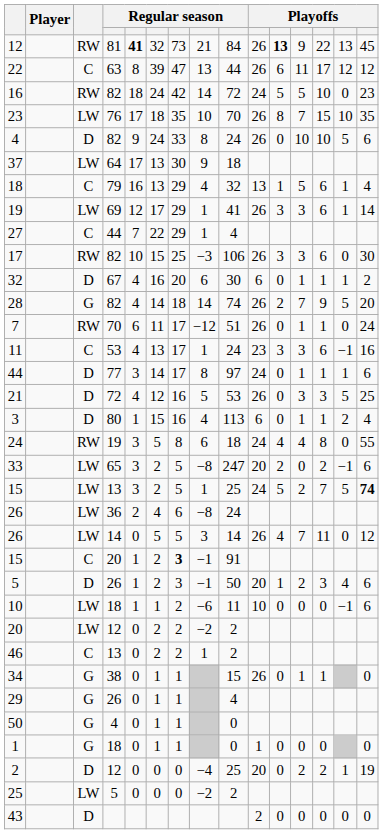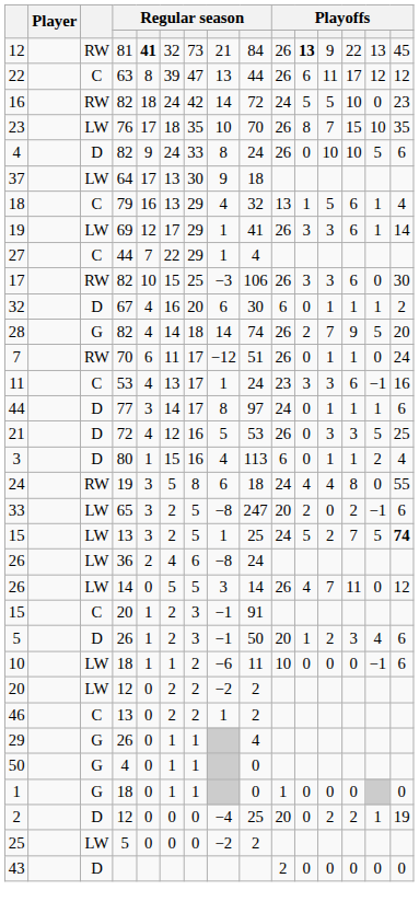 <table class="wikitable sortable plainrowheaders" style="text-align:center;">
 <tr>
 <th scope="col" data-sort-type="number" rowspan="2"></th>
 <th scope="col" rowspan="2">Player</th>
 <th scope="col" rowspan="2"></th>
 <th scope=colgroup colspan=6>Regular season</th>
 <th scope=colgroup colspan=6>Playoffs</th>
 </tr>
 <tr>
 <th scope="col" data-sort-type="number"></th>
 <th scope="col" data-sort-type="number"></th>
 <th scope="col" data-sort-type="number"></th>
 <th scope="col" data-sort-type="number"></th>
 <th scope="col" data-sort-type="number"></th>
 <th scope="col" data-sort-type="number"></th>
 <th scope="col" data-sort-type="number"></th>
 <th scope="col" data-sort-type="number"></th>
 <th scope="col" data-sort-type="number"></th>
 <th scope="col" data-sort-type="number"></th>
 <th scope="col" data-sort-type="number"></th>
 <th scope="col" data-sort-type="number"></th>
 </tr>
 <tr>
 <td scope="row">12</td>
 <td align="left"></td>
 <td>RW</td>
 <td>81</td>
 <td><strong>41</strong></td>
 <td>32</td>
 <td>73</td>
 <td>21</td>
 <td>84</td>
 <td>26</td>
 <td><strong>13</strong></td>
 <td>9</td>
 <td>22</td>
 <td>13</td>
 <td>45</td>
 </tr>
 <tr>
 <td scope="row">22</td>
 <td align="left"></td>
 <td>C</td>
 <td>63</td>
 <td>8</td>
 <td>39</td>
 <td>47</td>
 <td>13</td>
 <td>44</td>
 <td>26</td>
 <td>6</td>
 <td>11</td>
 <td>17</td>
 <td>12</td>
 <td>12</td>
 </tr>
 <tr>
 <td scope="row">16</td>
 <td align="left"></td>
 <td>RW</td>
 <td>82</td>
 <td>18</td>
 <td>24</td>
 <td>42</td>
 <td>14</td>
 <td>72</td>
 <td>24</td>
 <td>5</td>
 <td>5</td>
 <td>10</td>
 <td>0</td>
 <td>23</td>
 </tr>
 <tr>
 <td scope="row">23</td>
 <td align="left"></td>
 <td>LW</td>
 <td>76</td>
 <td>17</td>
 <td>18</td>
 <td>35</td>
 <td>10</td>
 <td>70</td>
 <td>26</td>
 <td>8</td>
 <td>7</td>
 <td>15</td>
 <td>10</td>
 <td>35</td>
 </tr>
 <tr>
 <td scope="row">4</td>
 <td align="left"></td>
 <td>D</td>
 <td>82</td>
 <td>9</td>
 <td>24</td>
 <td>33</td>
 <td>8</td>
 <td>24</td>
 <td>26</td>
 <td>0</td>
 <td>10</td>
 <td>10</td>
 <td>5</td>
 <td>6</td>
 </tr>
 <tr>
 <td scope="row">37</td>
 <td align="left"></td>
 <td>LW</td>
 <td>64</td>
 <td>17</td>
 <td>13</td>
 <td>30</td>
 <td>9</td>
 <td>18</td>
 <td></td>
 <td></td>
 <td></td>
 <td></td>
 <td></td>
 <td></td>
 </tr>
 <tr>
 <td scope="row">18</td>
 <td align="left"></td>
 <td>C</td>
 <td>79</td>
 <td>16</td>
 <td>13</td>
 <td>29</td>
 <td>4</td>
 <td>32</td>
 <td>13</td>
 <td>1</td>
 <td>5</td>
 <td>6</td>
 <td>1</td>
 <td>4</td>
 </tr>
 <tr>
 <td scope="row">19</td>
 <td align="left"></td>
 <td>LW</td>
 <td>69</td>
 <td>12</td>
 <td>17</td>
 <td>29</td>
 <td>1</td>
 <td>41</td>
 <td>26</td>
 <td>3</td>
 <td>3</td>
 <td>6</td>
 <td>1</td>
 <td>14</td>
 </tr>
 <tr>
 <td scope="row">27</td>
 <td align="left"></td>
 <td>C</td>
 <td>44</td>
 <td>7</td>
 <td>22</td>
 <td>29</td>
 <td>1</td>
 <td>4</td>
 <td></td>
 <td></td>
 <td></td>
 <td></td>
 <td></td>
 <td></td>
 </tr>
 <tr>
 <td scope="row">17</td>
 <td align="left"></td>
 <td>RW</td>
 <td>82</td>
 <td>10</td>
 <td>15</td>
 <td>25</td>
 <td>−3</td>
 <td>106</td>
 <td>26</td>
 <td>3</td>
 <td>3</td>
 <td>6</td>
 <td>0</td>
 <td>30</td>
 </tr>
 <tr>
 <td scope="row">32</td>
 <td align="left"></td>
 <td>D</td>
 <td>67</td>
 <td>4</td>
 <td>16</td>
 <td>20</td>
 <td>6</td>
 <td>30</td>
 <td>6</td>
 <td>0</td>
 <td>1</td>
 <td>1</td>
 <td>1</td>
 <td>2</td>
 </tr>
 <tr>
 <td scope="row">28</td>
 <td align="left"></td>
 <td>G</td>
 <td>82</td>
 <td>4</td>
 <td>14</td>
 <td>18</td>
 <td>14</td>
 <td>74</td>
 <td>26</td>
 <td>2</td>
 <td>7</td>
 <td>9</td>
 <td>5</td>
 <td>20</td>
 </tr>
 <tr>
 <td scope="row">7</td>
 <td align="left"></td>
 <td>RW</td>
 <td>70</td>
 <td>6</td>
 <td>11</td>
 <td>17</td>
 <td>−12</td>
 <td>51</td>
 <td>26</td>
 <td>0</td>
 <td>1</td>
 <td>1</td>
 <td>0</td>
 <td>24</td>
 </tr>
 <tr>
 <td scope="row">11</td>
 <td align="left"></td>
 <td>C</td>
 <td>53</td>
 <td>4</td>
 <td>13</td>
 <td>17</td>
 <td>1</td>
 <td>24</td>
 <td>23</td>
 <td>3</td>
 <td>3</td>
 <td>6</td>
 <td>−1</td>
 <td>16</td>
 </tr>
 <tr>
 <td scope="row">44</td>
 <td align="left"></td>
 <td>D</td>
 <td>77</td>
 <td>3</td>
 <td>14</td>
 <td>17</td>
 <td>8</td>
 <td>97</td>
 <td>24</td>
 <td>0</td>
 <td>1</td>
 <td>1</td>
 <td>1</td>
 <td>6</td>
 </tr>
 <tr>
 <td scope="row">21</td>
 <td align="left"></td>
 <td>D</td>
 <td>72</td>
 <td>4</td>
 <td>12</td>
 <td>16</td>
 <td>5</td>
 <td>53</td>
 <td>26</td>
 <td>0</td>
 <td>3</td>
 <td>3</td>
 <td>5</td>
 <td>25</td>
 </tr>
 <tr>
 <td scope="row">3</td>
 <td align="left"></td>
 <td>D</td>
 <td>80</td>
 <td>1</td>
 <td>15</td>
 <td>16</td>
 <td>4</td>
 <td>113</td>
 <td>6</td>
 <td>0</td>
 <td>1</td>
 <td>1</td>
 <td>2</td>
 <td>4</td>
 </tr>
 <tr>
 <td scope="row">24</td>
 <td align="left"></td>
 <td>RW</td>
 <td>19</td>
 <td>3</td>
 <td>5</td>
 <td>8</td>
 <td>6</td>
 <td>18</td>
 <td>24</td>
 <td>4</td>
 <td>4</td>
 <td>8</td>
 <td>0</td>
 <td>55</td>
 </tr>
 <tr>
 <td scope="row">33</td>
 <td align="left"></td>
 <td>LW</td>
 <td>65</td>
 <td>3</td>
 <td>2</td>
 <td>5</td>
 <td>−8</td>
 <td>247</td>
 <td>20</td>
 <td>2</td>
 <td>0</td>
 <td>2</td>
 <td>−1</td>
 <td>6</td>
 </tr>
 <tr>
 <td scope="row">15</td>
 <td align="left"></td>
 <td>LW</td>
 <td>13</td>
 <td>3</td>
 <td>2</td>
 <td>5</td>
 <td>1</td>
 <td>25</td>
 <td>24</td>
 <td>5</td>
 <td>2</td>
 <td>7</td>
 <td>5</td>
 <td><strong>74</strong></td>
 </tr>
 <tr>
 <td scope="row">26</td>
 <td align="left"></td>
 <td>LW</td>
 <td>36</td>
 <td>2</td>
 <td>4</td>
 <td>6</td>
 <td>−8</td>
 <td>24</td>
 <td></td>
 <td></td>
 <td></td>
 <td></td>
 <td></td>
 <td></td>
 </tr>
 <tr>
 <td scope="row">26</td>
 <td align="left"></td>
 <td>LW</td>
 <td>14</td>
 <td>0</td>
 <td>5</td>
 <td>5</td>
 <td>3</td>
 <td>14</td>
 <td>26</td>
 <td>4</td>
 <td>7</td>
 <td>11</td>
 <td>0</td>
 <td>12</td>
 </tr>
 <tr>
 <td scope="row">15</td>
 <td align="left"></td>
 <td>C</td>
 <td>20</td>
 <td>1</td>
 <td>2</td>
-<td><strong>3</strong></td>
+<td>3</td>
 <td>−1</td>
 <td>91</td>
 <td></td>
 <td></td>
 <td></td>
 <td></td>
 <td></td>
 <td></td>
 </tr>
 <tr>
 <td scope="row">5</td>
 <td align="left"></td>
 <td>D</td>
 <td>26</td>
 <td>1</td>
 <td>2</td>
 <td>3</td>
 <td>−1</td>
 <td>50</td>
 <td>20</td>
 <td>1</td>
 <td>2</td>
 <td>3</td>
 <td>4</td>
 <td>6</td>
 </tr>
 <tr>
 <td scope="row">10</td>
 <td align="left"></td>
 <td>LW</td>
 <td>18</td>
 <td>1</td>
 <td>1</td>
 <td>2</td>
 <td>−6</td>
 <td>11</td>
 <td>10</td>
 <td>0</td>
 <td>0</td>
 <td>0</td>
 <td>−1</td>
 <td>6</td>
 </tr>
 <tr>
 <td scope="row">20</td>
 <td align="left"></td>
 <td>LW</td>
 <td>12</td>
 <td>0</td>
 <td>2</td>
 <td>2</td>
 <td>−2</td>
 <td>2</td>
 <td></td>
 <td></td>
 <td></td>
 <td></td>
 <td></td>
 <td></td>
 </tr>
 <tr>
 <td scope="row">46</td>
 <td align="left"></td>
 <td>C</td>
 <td>13</td>
 <td>0</td>
 <td>2</td>
 <td>2</td>
 <td>1</td>
 <td>2</td>
 <td></td>
 <td></td>
 <td></td>
 <td></td>
 <td></td>
 <td></td>
-</tr>
-<tr>
-<td scope="row">34</td>
-<td align="left"></td>
-<td>G</td>
-<td>38</td>
-<td>0</td>
-<td>1</td>
-<td>1</td>
-<td style="background:#ccc"></td>
-<td>15</td>
-<td>26</td>
-<td>0</td>
-<td>1</td>
-<td>1</td>
-<td style="background:#ccc"></td>
-<td>0</td>
 </tr>
 <tr>
 <td scope="row">29</td>
 <td align="left"></td>
 <td>G</td>
 <td>26</td>
 <td>0</td>
 <td>1</td>
 <td>1</td>
 <td style="background:#ccc"></td>
 <td>4</td>
 <td></td>
 <td></td>
 <td></td>
 <td></td>
 <td></td>
 <td></td>
 </tr>
 <tr>
 <td scope="row">50</td>
 <td align="left"></td>
 <td>G</td>
 <td>4</td>
 <td>0</td>
 <td>1</td>
 <td>1</td>
 <td style="background:#ccc"></td>
 <td>0</td>
 <td></td>
 <td></td>
 <td></td>
 <td></td>
 <td></td>
 <td></td>
 </tr>
 <tr>
 <td scope="row">1</td>
 <td align="left"></td>
 <td>G</td>
 <td>18</td>
 <td>0</td>
 <td>1</td>
 <td>1</td>
 <td style="background:#ccc"></td>
 <td>0</td>
 <td>1</td>
 <td>0</td>
 <td>0</td>
 <td>0</td>
 <td style="background:#ccc"></td>
 <td>0</td>
 </tr>
 <tr>
 <td scope="row">2</td>
 <td align="left"></td>
 <td>D</td>
 <td>12</td>
 <td>0</td>
 <td>0</td>
 <td>0</td>
 <td>−4</td>
 <td>25</td>
 <td>20</td>
 <td>0</td>
 <td>2</td>
 <td>2</td>
 <td>1</td>
 <td>19</td>
 </tr>
 <tr>
 <td scope="row">25</td>
 <td align="left"></td>
 <td>LW</td>
 <td>5</td>
 <td>0</td>
 <td>0</td>
 <td>0</td>
 <td>−2</td>
 <td>2</td>
 <td></td>
 <td></td>
 <td></td>
 <td></td>
 <td></td>
 <td></td>
 </tr>
 <tr>
 <td scope="row">43</td>
 <td align="left"></td>
 <td>D</td>
 <td></td>
 <td></td>
 <td></td>
 <td></td>
 <td></td>
 <td></td>
 <td>2</td>
 <td>0</td>
 <td>0</td>
 <td>0</td>
 <td>0</td>
 <td>0</td>
 </tr>
 </table>
